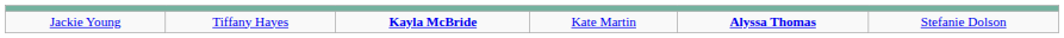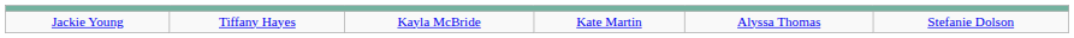 <table class="wikitable" style="width:100%; text-align:center; font-size:100%">
 <tr>
 <th style="background:#74b29f" colspan="6" align="center"></th>
 </tr>
 <tr>
 <td><a href='#'>Jackie Young</a></td>
 <td><a href='#'>Tiffany Hayes</a></td>
-<td><strong><a href='#'>Kayla McBride</a></strong></td>
+<td><a href='#'>Kayla McBride</a></td>
 <td><a href='#'>Kate Martin</a></td>
-<td><strong><a href='#'>Alyssa Thomas</a></strong></td>
+<td><a href='#'>Alyssa Thomas</a></td>
 <td><a href='#'>Stefanie Dolson</a></td>
 </tr>
 </table>
